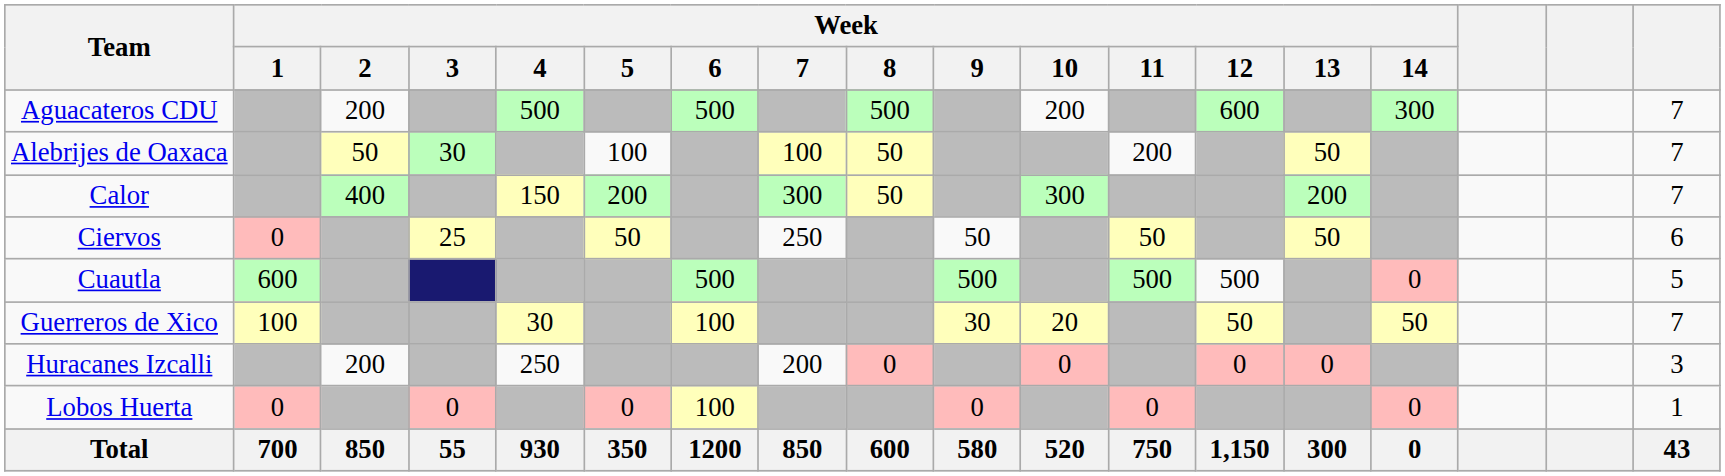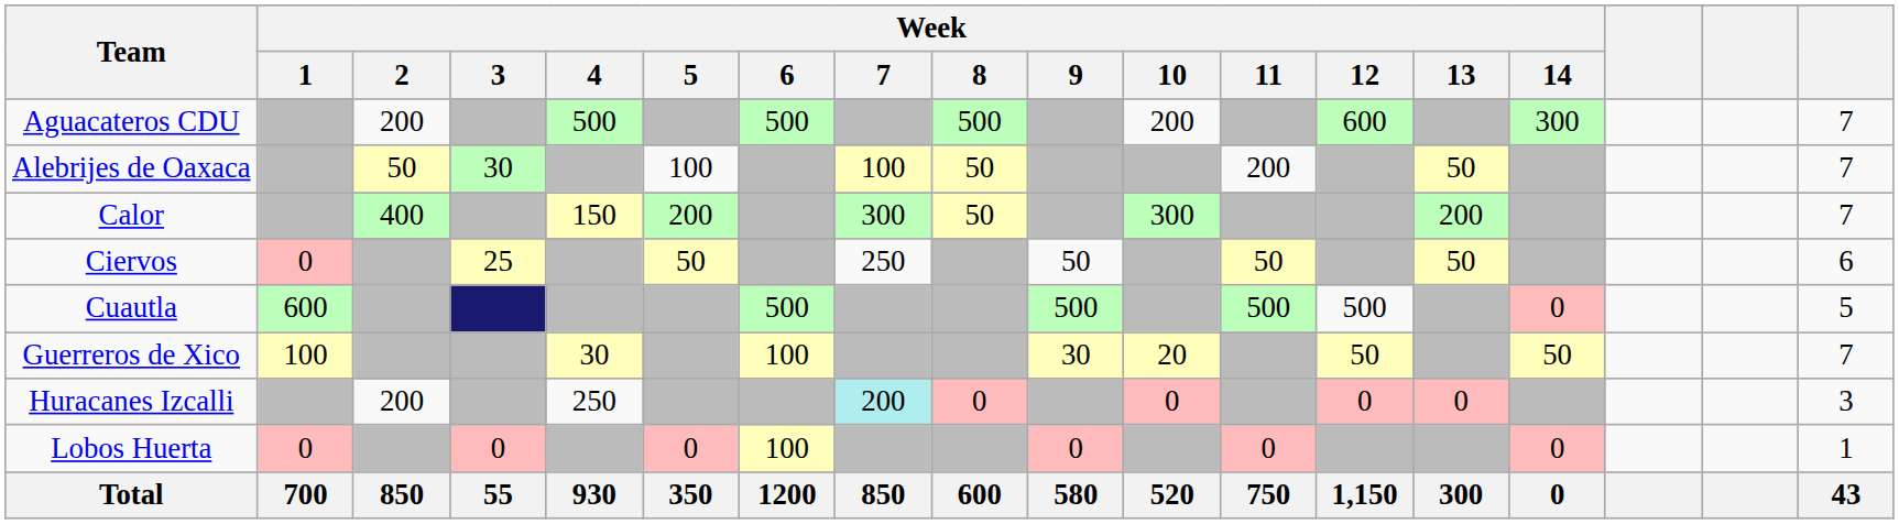 <table class="wikitable" style="text-align:center">
 <tr>
 <th colspan=1 rowspan="2">Team</th>
 <th colspan=14>Week</th>
 <th colspan=1 rowspan="2" width=45></th>
 <th colspan=1 rowspan="2" width=45></th>
 <th colspan=1 rowspan="2" width=45></th>
 </tr>
 <tr>
 <th width=45>1</th>
 <th width=45>2</th>
 <th width=45>3</th>
 <th width=45>4</th>
 <th width=45>5</th>
 <th width=45>6</th>
 <th width=45>7</th>
 <th width=45>8</th>
 <th width=45>9</th>
 <th width=45>10</th>
 <th width=45>11</th>
 <th width=45>12</th>
 <th width=45>13</th>
 <th width=45>14</th>
 </tr>
 <tr>
 <td><a href='#'>Aguacateros CDU</a></td>
 <td bgcolor=#BBBBBB></td>
 <td>200</td>
 <td bgcolor=#BBBBBB></td>
 <td bgcolor=#BBFFBB>500</td>
 <td bgcolor=#BBBBBB></td>
 <td bgcolor=#BBFFBB>500</td>
 <td bgcolor=#BBBBBB></td>
 <td bgcolor=#BBFFBB>500</td>
 <td bgcolor=#BBBBBB></td>
 <td>200</td>
 <td bgcolor=#BBBBBB></td>
 <td bgcolor=#BBFFBB>600</td>
 <td bgcolor=#BBBBBB></td>
 <td bgcolor=#BBFFBB>300</td>
 <td></td>
 <td><strong></strong></td>
 <td>7</td>
 </tr>
 <tr>
 <td><a href='#'>Alebrijes de Oaxaca</a></td>
 <td bgcolor=#BBBBBB></td>
 <td bgcolor=#FFFFBB>50</td>
 <td bgcolor=#BBFFBB>30</td>
 <td bgcolor=#BBBBBB></td>
 <td>100</td>
 <td bgcolor=#BBBBBB></td>
 <td bgcolor=#FFFFBB>100</td>
 <td bgcolor=#FFFFBB>50</td>
 <td bgcolor=#BBBBBB></td>
 <td bgcolor=#BBBBBB></td>
 <td>200</td>
 <td bgcolor=#BBBBBB></td>
 <td bgcolor=#FFFFBB>50</td>
 <td bgcolor=#BBBBBB></td>
 <td></td>
 <td><strong></strong></td>
 <td>7</td>
 </tr>
 <tr>
 <td><a href='#'>Calor</a></td>
 <td bgcolor=#BBBBBB></td>
 <td bgcolor=#BBFFBB>400</td>
 <td bgcolor=#BBBBBB></td>
 <td bgcolor=#FFFFBB>150</td>
 <td bgcolor=#BBFFBB>200</td>
 <td bgcolor=#BBBBBB></td>
 <td bgcolor=#BBFFBB>300</td>
 <td bgcolor=#FFFFBB>50</td>
 <td bgcolor=#BBBBBB></td>
 <td bgcolor=#BBFFBB>300</td>
 <td bgcolor=#BBBBBB></td>
 <td bgcolor=#BBBBBB></td>
 <td bgcolor=#BBFFBB>200</td>
 <td bgcolor=#BBBBBB></td>
 <td></td>
 <td><strong></strong></td>
 <td>7</td>
 </tr>
 <tr>
 <td><a href='#'>Ciervos</a></td>
 <td bgcolor=#FFBBBB>0</td>
 <td bgcolor=#BBBBBB></td>
 <td bgcolor=#FFFFBB>25</td>
 <td bgcolor=#BBBBBB></td>
 <td bgcolor=#FFFFBB>50</td>
 <td bgcolor=#BBBBBB></td>
 <td>250</td>
 <td bgcolor=#BBBBBB></td>
 <td>50</td>
 <td bgcolor=#BBBBBB></td>
 <td bgcolor=#FFFFBB>50</td>
 <td bgcolor=#BBBBBB></td>
 <td bgcolor=#FFFFBB>50</td>
 <td bgcolor=#BBBBBB></td>
 <td></td>
 <td><strong></strong></td>
 <td>6</td>
 </tr>
 <tr>
 <td><a href='#'>Cuautla</a></td>
 <td bgcolor=#BBFFBB>600</td>
 <td bgcolor=#BBBBBB></td>
 <td bgcolor=#191970></td>
 <td bgcolor=#BBBBBB></td>
 <td bgcolor=#BBBBBB></td>
 <td bgcolor=#BBFFBB>500</td>
 <td bgcolor=#BBBBBB></td>
 <td bgcolor=#BBBBBB></td>
 <td bgcolor=#BBFFBB>500</td>
 <td bgcolor=#BBBBBB></td>
 <td bgcolor=#BBFFBB>500</td>
 <td>500</td>
 <td bgcolor=#BBBBBB></td>
 <td bgcolor=#FFBBBB>0</td>
 <td></td>
 <td><strong> </strong></td>
 <td>5</td>
 </tr>
 <tr>
 <td><a href='#'>Guerreros de Xico</a></td>
 <td bgcolor=#FFFFBB>100</td>
 <td bgcolor=#BBBBBB></td>
 <td bgcolor=#BBBBBB></td>
 <td bgcolor=#FFFFBB>30</td>
 <td bgcolor=#BBBBBB></td>
 <td bgcolor=#FFFFBB>100</td>
 <td bgcolor=#BBBBBB></td>
 <td bgcolor=#BBBBBB></td>
 <td bgcolor=#FFFFBB>30</td>
 <td bgcolor=#FFFFBB>20</td>
 <td bgcolor=#BBBBBB></td>
 <td bgcolor=#FFFFBB>50</td>
 <td bgcolor=#BBBBBB></td>
 <td bgcolor=#FFFFBB>50</td>
 <td></td>
 <td><strong></strong></td>
 <td>7</td>
 </tr>
 <tr>
 <td><a href='#'>Huracanes Izcalli</a></td>
 <td bgcolor=#BBBBBB></td>
 <td>200</td>
 <td bgcolor=#BBBBBB></td>
 <td>250</td>
 <td bgcolor=#BBBBBB></td>
 <td bgcolor=#BBBBBB></td>
-<td>200</td>
+<td style="background: paleturquoise;">200</td>
 <td bgcolor=#FFBBBB>0</td>
 <td bgcolor=#BBBBBB></td>
 <td bgcolor=#FFBBBB>0</td>
 <td bgcolor=#BBBBBB></td>
 <td bgcolor=#FFBBBB>0</td>
 <td bgcolor=#FFBBBB>0</td>
 <td bgcolor=#BBBBBB></td>
 <td></td>
 <td><strong></strong></td>
 <td>3</td>
 </tr>
 <tr>
 <td><a href='#'>Lobos Huerta</a></td>
 <td bgcolor=#FFBBBB>0</td>
 <td bgcolor=#BBBBBB></td>
 <td bgcolor=#FFBBBB>0</td>
 <td bgcolor=#BBBBBB></td>
 <td bgcolor=#FFBBBB>0</td>
 <td bgcolor=#FFFFBB>100</td>
 <td bgcolor=#BBBBBB></td>
 <td bgcolor=#BBBBBB></td>
 <td bgcolor=#FFBBBB>0</td>
 <td bgcolor=#BBBBBB></td>
 <td bgcolor=#FFBBBB>0</td>
 <td bgcolor=#BBBBBB></td>
 <td bgcolor=#BBBBBB></td>
 <td bgcolor=#FFBBBB>0</td>
 <td></td>
 <td><strong></strong></td>
 <td>1</td>
 </tr>
 <tr>
 <th align=center>Total</th>
 <th>700</th>
 <th>850</th>
 <th>55</th>
 <th>930</th>
 <th>350</th>
 <th>1200</th>
 <th>850</th>
 <th>600</th>
 <th>580</th>
 <th>520</th>
 <th>750</th>
 <th>1,150</th>
 <th>300</th>
 <th>0</th>
 <th></th>
 <th><strong></strong></th>
 <th>43</th>
 </tr>
 </table>
